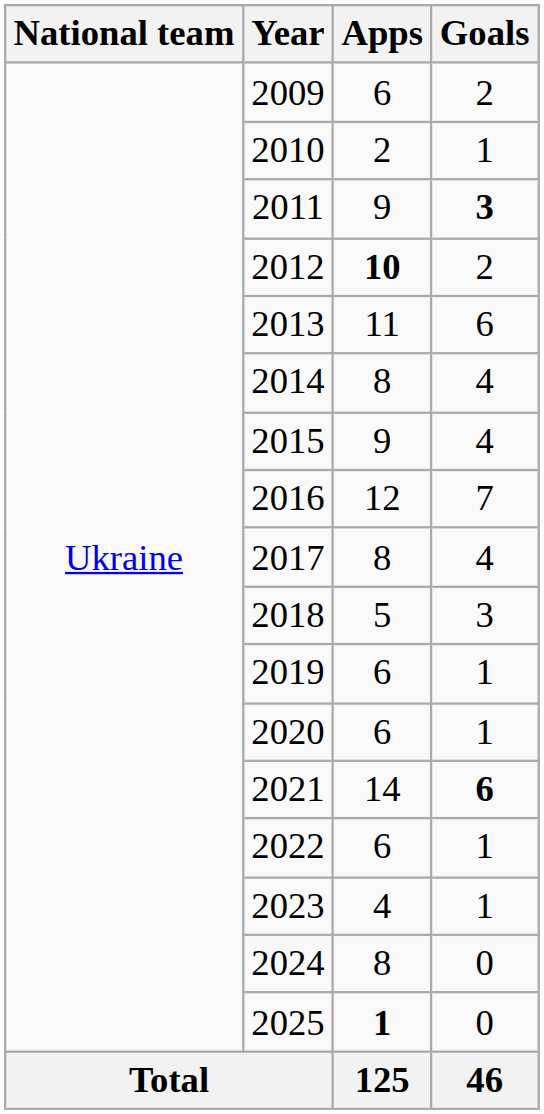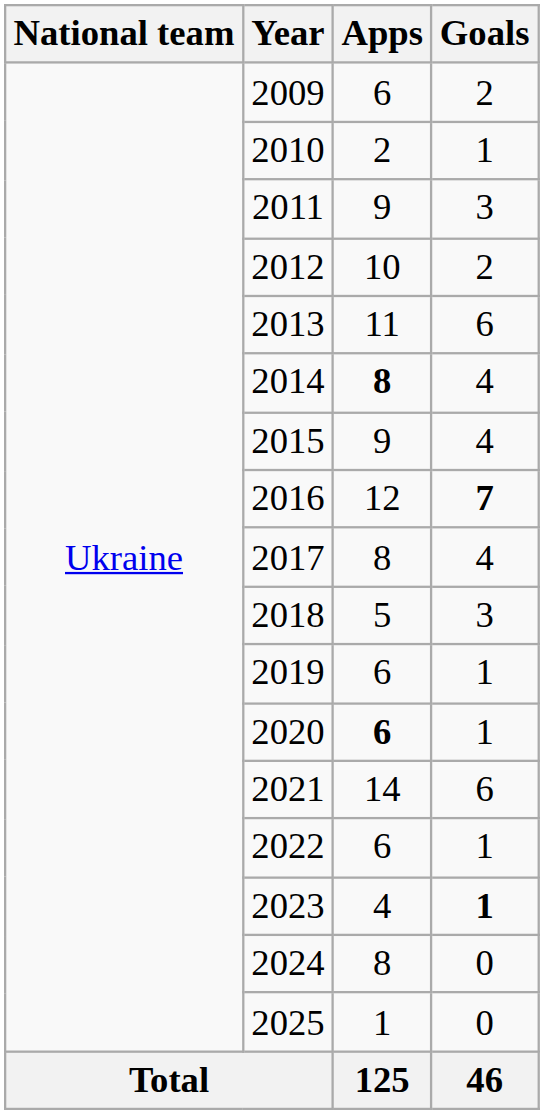 <table class=wikitable style=text-align:center>
 <tr>
 <th>National team</th>
 <th>Year</th>
 <th>Apps</th>
 <th>Goals</th>
 </tr>
 <tr>
 <td rowspan=17><a href='#'>Ukraine</a></td>
 <td>2009</td>
 <td>6</td>
 <td>2</td>
 </tr>
 <tr>
 <td>2010</td>
 <td>2</td>
 <td>1</td>
 </tr>
 <tr>
 <td>2011</td>
 <td>9</td>
-<td><strong>3</strong></td>
+<td>3</td>
 </tr>
 <tr>
 <td>2012</td>
-<td><strong>10</strong></td>
+<td>10</td>
 <td>2</td>
 </tr>
 <tr>
 <td>2013</td>
 <td>11</td>
 <td>6</td>
 </tr>
 <tr>
 <td>2014</td>
-<td>8</td>
+<td><strong>8</strong></td>
 <td>4</td>
 </tr>
 <tr>
 <td>2015</td>
 <td>9</td>
 <td>4</td>
 </tr>
 <tr>
 <td>2016</td>
 <td>12</td>
-<td>7</td>
+<td><strong>7</strong></td>
 </tr>
 <tr>
 <td>2017</td>
 <td>8</td>
 <td>4</td>
 </tr>
 <tr>
 <td>2018</td>
 <td>5</td>
 <td>3</td>
 </tr>
 <tr>
 <td>2019</td>
 <td>6</td>
 <td>1</td>
 </tr>
 <tr>
 <td>2020</td>
-<td>6</td>
+<td><strong>6</strong></td>
 <td>1</td>
 </tr>
 <tr>
 <td>2021</td>
 <td>14</td>
-<td><strong>6</strong></td>
+<td>6</td>
 </tr>
 <tr>
 <td>2022</td>
 <td>6</td>
 <td>1</td>
 </tr>
 <tr>
 <td>2023</td>
 <td>4</td>
-<td>1</td>
+<td><strong>1</strong></td>
 </tr>
 <tr>
 <td>2024</td>
 <td>8</td>
 <td>0</td>
 </tr>
 <tr>
 <td>2025</td>
-<td><strong>1</strong></td>
+<td>1</td>
 <td>0</td>
 </tr>
 <tr>
 <th colspan=2>Total</th>
 <th>125</th>
 <th>46</th>
 </tr>
 </table>
